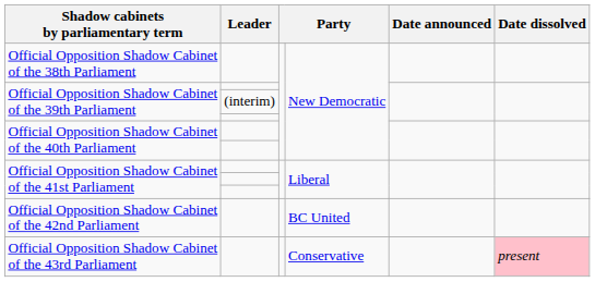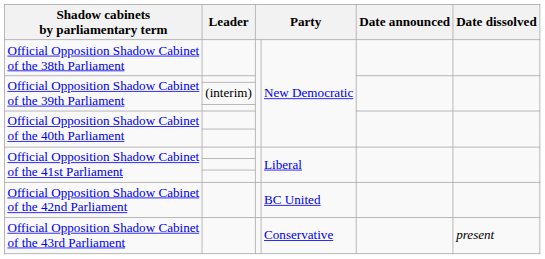 <table class="wikitable">
 <tr>
 <th>Shadow cabinets<br>by parliamentary term</th>
 <th>Leader</th>
 <th colspan="2">Party</th>
 <th>Date announced</th>
 <th>Date dissolved</th>
 </tr>
 <tr>
 <td><a href='#'>Official Opposition Shadow Cabinet<br>of the 38th Parliament</a></td>
 <td></td>
 <td rowspan="6"></td>
 <td rowspan="6"><a href='#'>New Democratic</a></td>
 <td></td>
 <td></td>
 </tr>
 <tr>
 <td rowspan="3"><a href='#'>Official Opposition Shadow Cabinet<br>of the 39th Parliament</a></td>
 <td></td>
 <td rowspan="3"></td>
 <td rowspan="3"></td>
 </tr>
 <tr>
 <td> (interim)</td>
 </tr>
 <tr>
 <td></td>
 </tr>
 <tr>
 <td rowspan="2"><a href='#'>Official Opposition Shadow Cabinet<br>of the 40th Parliament</a></td>
 <td></td>
 <td rowspan="2"></td>
 <td rowspan="2"></td>
 </tr>
 <tr>
 <td></td>
 </tr>
 <tr>
 <td rowspan="3"><a href='#'>Official Opposition Shadow Cabinet<br>of the 41st Parliament</a></td>
 <td></td>
 <td rowspan="4"></td>
 <td rowspan="4"><a href='#'>Liberal</a></td>
 <td rowspan="3"></td>
 <td rowspan="3"></td>
 </tr>
 <tr>
 <td></td>
 </tr>
 <tr>
 <td></td>
 </tr>
 <tr>
 <td rowspan="2"><a href='#'>Official Opposition Shadow Cabinet<br>of the 42nd Parliament</a></td>
 <td rowspan="2"></td>
 <td rowspan="2"></td>
 <td rowspan="2"></td>
 </tr>
 <tr>
 <td></td>
 <td><a href='#'>BC United</a></td>
 </tr>
 <tr>
 <td><a href='#'>Official Opposition Shadow Cabinet<br>of the 43rd Parliament</a></td>
 <td></td>
 <td></td>
 <td><a href='#'>Conservative</a></td>
 <td></td>
-<td style="background: pink;"><em>present</em></td>
+<td><em>present</em></td>
 </tr>
 </table>
